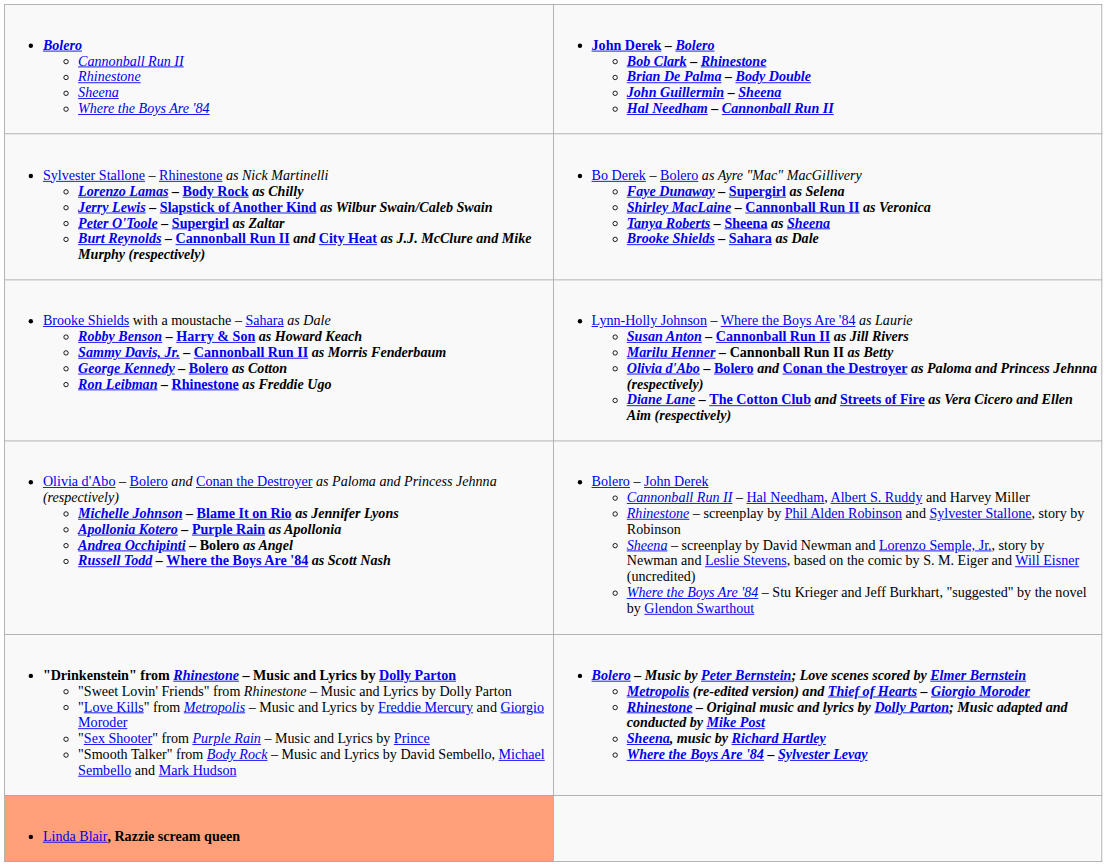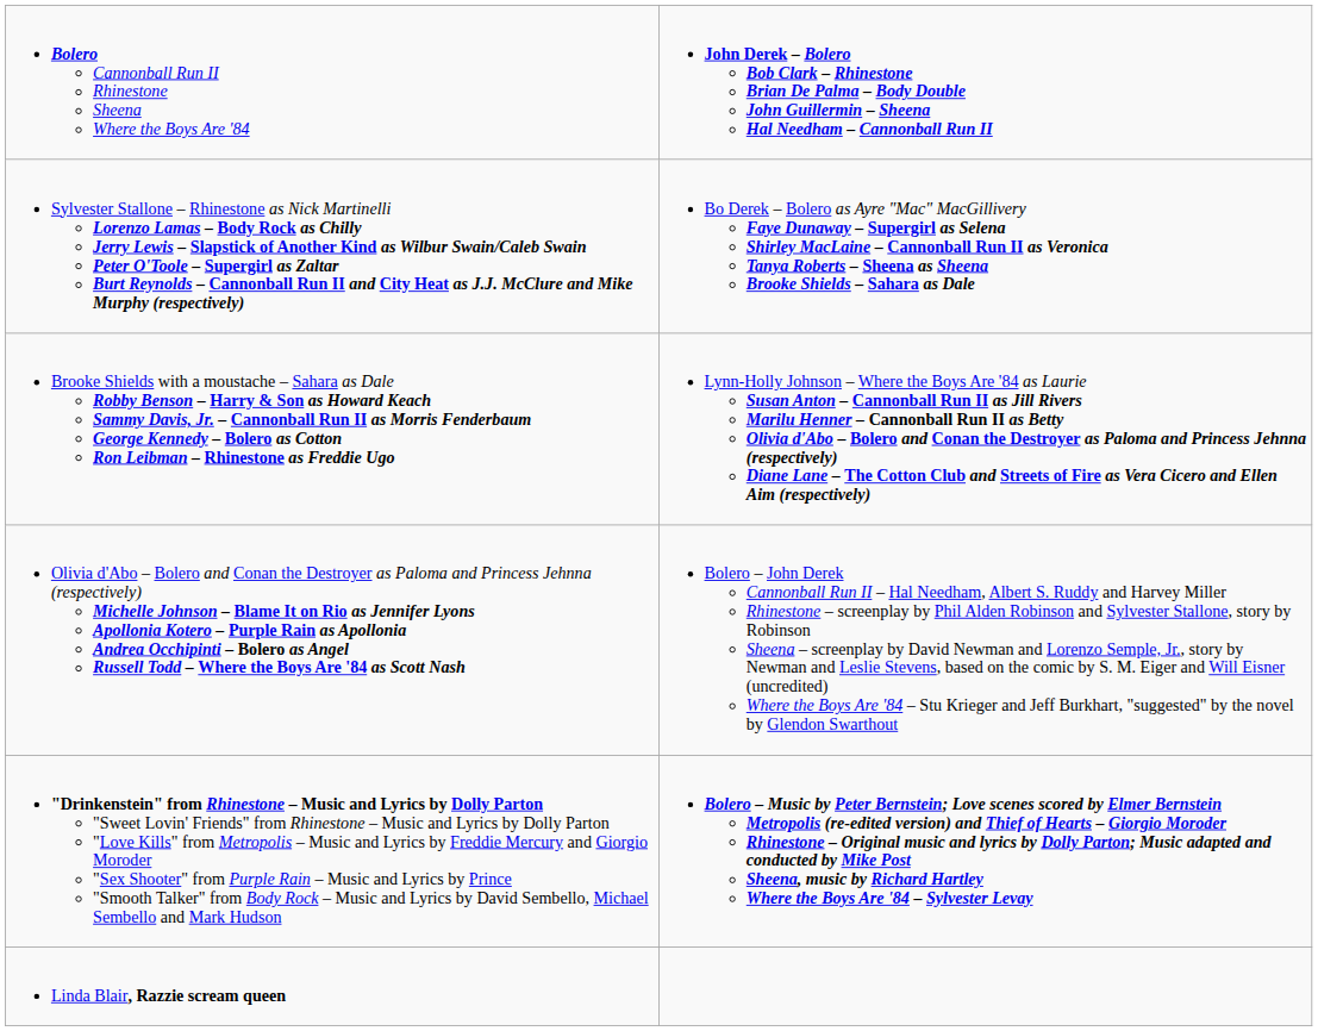 <table class=wikitable>
 <tr>
 <td valign="top" width="50%"><br><ul><li><strong><em><a href='#'>Bolero</a></em></strong><ul><li><em><a href='#'>Cannonball Run II</a></em></li><li><em><a href='#'>Rhinestone</a></em></li><li><em><a href='#'>Sheena</a></em></li><li><em><a href='#'>Where the Boys Are '84</a></em></li></ul></li></ul></td>
 <td valign="top" width="50%"><br><ul><li><strong><a href='#'>John Derek</a> – <em><a href='#'>Bolero</a><strong><em><ul><li><a href='#'>Bob Clark</a> – </em><a href='#'>Rhinestone</a><em></li><li><a href='#'>Brian De Palma</a> – </em><a href='#'>Body Double</a><em></li><li><a href='#'>John Guillermin</a> – </em><a href='#'>Sheena</a><em></li><li><a href='#'>Hal Needham</a> – </em><a href='#'>Cannonball Run II</a><em></li></ul></li></ul></td>
 </tr>
 <tr>
 <td valign="top" width="50%"><br><ul><li></strong><a href='#'>Sylvester Stallone</a> – </em><a href='#'>Rhinestone</a><em> as Nick Martinelli<strong><ul><li><a href='#'>Lorenzo Lamas</a> – </em><a href='#'>Body Rock</a><em> as Chilly</li><li><a href='#'>Jerry Lewis</a> – </em><a href='#'>Slapstick of Another Kind</a><em> as Wilbur Swain/Caleb Swain</li><li><a href='#'>Peter O'Toole</a> – </em><a href='#'>Supergirl</a><em> as Zaltar</li><li><a href='#'>Burt Reynolds</a> – </em><a href='#'>Cannonball Run II</a><em> and </em><a href='#'>City Heat</a><em> as J.J. McClure and Mike Murphy (respectively)</li></ul></li></ul></td>
 <td valign="top" width="50%"><br><ul><li></strong><a href='#'>Bo Derek</a> – </em><a href='#'>Bolero</a><em> as Ayre "Mac" MacGillivery<strong><ul><li><a href='#'>Faye Dunaway</a> – </em><a href='#'>Supergirl</a><em> as Selena</li><li><a href='#'>Shirley MacLaine</a> – </em><a href='#'>Cannonball Run II</a><em> as Veronica</li><li><a href='#'>Tanya Roberts</a> – </em><a href='#'>Sheena</a><em> as <a href='#'>Sheena</a></li><li><a href='#'>Brooke Shields</a> – </em><a href='#'>Sahara</a><em> as Dale</li></ul></li></ul></td>
 </tr>
 <tr>
 <td valign="top" width="50%"><br><ul><li></strong><a href='#'>Brooke Shields</a> with a moustache – </em><a href='#'>Sahara</a><em> as Dale<strong><ul><li><a href='#'>Robby Benson</a> – </em><a href='#'>Harry & Son</a><em> as Howard Keach</li><li><a href='#'>Sammy Davis, Jr.</a> – </em><a href='#'>Cannonball Run II</a><em> as Morris Fenderbaum</li><li><a href='#'>George Kennedy</a> – </em><a href='#'>Bolero</a><em> as Cotton</li><li><a href='#'>Ron Leibman</a> – </em><a href='#'>Rhinestone</a><em> as Freddie Ugo</li></ul></li></ul></td>
 <td valign="top" width="50%"><br><ul><li></strong><a href='#'>Lynn-Holly Johnson</a> – </em><a href='#'>Where the Boys Are '84</a><em> as Laurie<strong><ul><li><a href='#'>Susan Anton</a> – </em><a href='#'>Cannonball Run II</a><em> as Jill Rivers</li><li><a href='#'>Marilu Henner</a> – </em>Cannonball Run II<em> as Betty</li><li><a href='#'>Olivia d'Abo</a> – </em><a href='#'>Bolero</a><em> and </em><a href='#'>Conan the Destroyer</a><em> as Paloma and Princess Jehnna (respectively)</li><li><a href='#'>Diane Lane</a> – </em><a href='#'>The Cotton Club</a><em> and </em><a href='#'>Streets of Fire</a><em> as Vera Cicero and Ellen Aim (respectively)</li></ul></li></ul></td>
 </tr>
 <tr>
 <td valign="top" width="50%"><br><ul><li></strong><a href='#'>Olivia d'Abo</a> – </em><a href='#'>Bolero</a><em> and </em><a href='#'>Conan the Destroyer</a><em> as Paloma and Princess Jehnna (respectively)<strong><ul><li><a href='#'>Michelle Johnson</a> – </em><a href='#'>Blame It on Rio</a><em> as Jennifer Lyons</li><li><a href='#'>Apollonia Kotero</a> – </em><a href='#'>Purple Rain</a><em> as Apollonia</li><li><a href='#'>Andrea Occhipinti</a> – </em>Bolero<em> as Angel</li><li><a href='#'>Russell Todd</a> – </em><a href='#'>Where the Boys Are '84</a><em> as Scott Nash</li></ul></li></ul></td>
 <td valign="top" width="50%"><br><ul><li></em></strong><a href='#'>Bolero</a></em> – <a href='#'>John Derek</a></strong><ul><li><em><a href='#'>Cannonball Run II</a></em> – <a href='#'>Hal Needham</a>, <a href='#'>Albert S. Ruddy</a> and Harvey Miller</li><li><em><a href='#'>Rhinestone</a></em> – screenplay by <a href='#'>Phil Alden Robinson</a> and <a href='#'>Sylvester Stallone</a>, story by Robinson</li><li><em><a href='#'>Sheena</a></em> – screenplay by David Newman and <a href='#'>Lorenzo Semple, Jr.</a>, story by Newman and <a href='#'>Leslie Stevens</a>, based on the comic by S. M. Eiger and <a href='#'>Will Eisner</a> (uncredited)</li><li><em><a href='#'>Where the Boys Are '84</a></em> – Stu Krieger and Jeff Burkhart, "suggested" by the novel by <a href='#'>Glendon Swarthout</a></li></ul></li></ul></td>
 </tr>
 <tr>
 <td valign="top" width="50%"><br><ul><li><strong>"Drinkenstein" from <em><a href='#'>Rhinestone</a></em> – Music and Lyrics by <a href='#'>Dolly Parton</a></strong><ul><li>"Sweet Lovin' Friends" from <em>Rhinestone</em> – Music and Lyrics by Dolly Parton</li><li>"<a href='#'>Love Kills</a>" from <em><a href='#'>Metropolis</a></em> – Music and Lyrics by <a href='#'>Freddie Mercury</a> and <a href='#'>Giorgio Moroder</a></li><li>"<a href='#'>Sex Shooter</a>" from <em><a href='#'>Purple Rain</a></em> – Music and Lyrics by <a href='#'>Prince</a></li><li>"Smooth Talker" from <em><a href='#'>Body Rock</a></em> – Music and Lyrics by David Sembello, <a href='#'>Michael Sembello</a> and <a href='#'>Mark Hudson</a></li></ul></li></ul></td>
 <td valign="top" width="50%"><br><ul><li><strong><em><a href='#'>Bolero</a><em> – Music by <a href='#'>Peter Bernstein</a>; Love scenes scored by <a href='#'>Elmer Bernstein</a><strong><ul><li></em><a href='#'>Metropolis</a><em> (re-edited version) and </em><a href='#'>Thief of Hearts</a><em> – <a href='#'>Giorgio Moroder</a></li><li></em><a href='#'>Rhinestone</a><em> – Original music and lyrics by <a href='#'>Dolly Parton</a>; Music adapted and conducted by <a href='#'>Mike Post</a></li><li></em><a href='#'>Sheena</a><em>, music by <a href='#'>Richard Hartley</a></li><li></em><a href='#'>Where the Boys Are '84</a><em> – <a href='#'>Sylvester Levay</a></li></ul></li></ul></td>
 </tr>
 <tr>
-<td valign="top" width="50%" style="background: lightsalmon;"><br><ul><li></strong><a href='#'>Linda Blair</a><strong>, Razzie scream queen</li></ul></td>
+<td valign="top" width="50%"><br><ul><li></strong><a href='#'>Linda Blair</a><strong>, Razzie scream queen</li></ul></td>
 </tr>
 </table>
